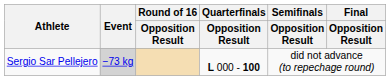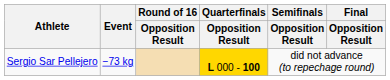 <table class="wikitable" style="font-size:90%">
 <tr>
 <th rowspan="2">Athlete</th>
 <th rowspan="2">Event</th>
 <th>Round of 16</th>
 <th>Quarterfinals</th>
 <th>Semifinals</th>
 <th>Final</th>
 </tr>
 <tr>
 <th>Opposition<br>Result</th>
 <th>Opposition<br>Result</th>
 <th>Opposition<br>Result</th>
 <th>Opposition<br>Result</th>
 </tr>
 <tr>
 <td><a href='#'>Sergio Sar Pellejero</a></td>
-<td style="background: lightgrey;"><a href='#'>−73 kg</a></td>
+<td><a href='#'>−73 kg</a></td>
 <td align="center" bgcolor=wheat></td>
-<td align=center><br><strong>L</strong> 000 - <strong>100</strong></td>
+<td align=center style="background: gold;"><br><strong>L</strong> 000 - <strong>100</strong></td>
 <td align=center colspan="5">did not advance<br><em>(to repechage round)</em></td>
 </tr>
 </table>
